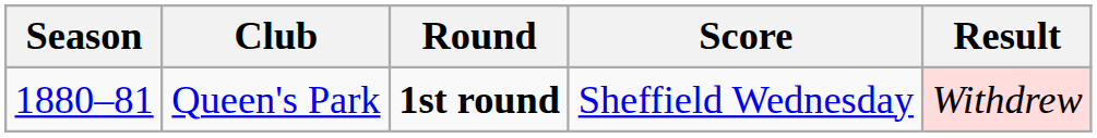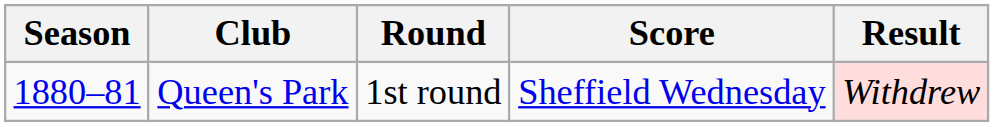 <table class=wikitable style="text-align:left">
 <tr>
 <th>Season</th>
 <th>Club</th>
 <th>Round</th>
 <th>Score</th>
 <th>Result</th>
 </tr>
 <tr>
 <td align=center rowspan=7><a href='#'>1880–81</a></td>
 <td><a href='#'>Queen's Park</a></td>
-<td><strong>1st round</strong></td>
+<td>1st round</td>
 <td> <a href='#'>Sheffield Wednesday</a></td>
 <td align=center  bgcolor=#ffdddd><em>Withdrew</em></td>
 </tr>
 </table>
